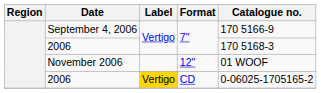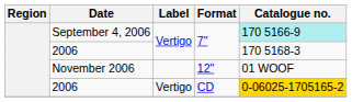 <table class="wikitable plainrowheaders">
 <tr>
 <th scope="col">Region</th>
 <th scope="col">Date</th>
 <th scope="col">Label</th>
 <th scope="col">Format</th>
 <th scope="col">Catalogue no.</th>
 </tr>
 <tr>
 <th scope="row" rowspan="4"></th>
 <td>September 4, 2006</td>
 <td rowspan="2"><a href='#'>Vertigo</a></td>
 <td rowspan="2"><a href='#'>7"</a></td>
-<td>170 5166-9</td>
+<td style="background: paleturquoise;">170 5166-9</td>
 </tr>
 <tr>
 <td>2006</td>
 <td>170 5168-3</td>
 </tr>
 <tr>
 <td>November 2006</td>
 <td></td>
 <td><a href='#'>12"</a></td>
 <td>01 WOOF</td>
 </tr>
 <tr>
 <td>2006</td>
-<td style="background: gold;">Vertigo</td>
+<td>Vertigo</td>
 <td><a href='#'>CD</a></td>
-<td>0-06025-1705165-2</td>
+<td style="background: gold;">0-06025-1705165-2</td>
 </tr>
 <tr>
 </tr>
 </table>
